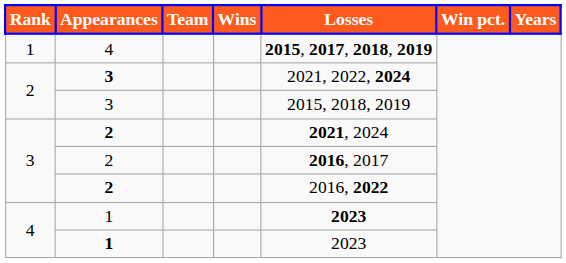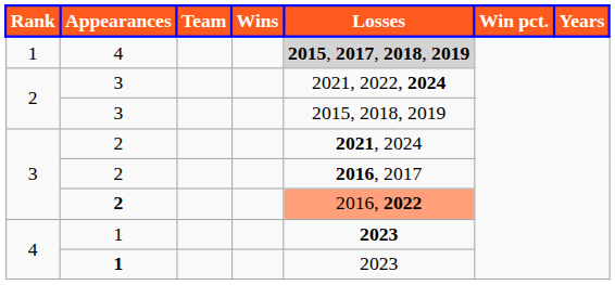 <table class="wikitable sortable" style="text-align:center;">
 <tr>
 <th style="background:#FE5A1D; color:white; border: 2px solid blue;">Rank</th>
 <th style="background:#FE5A1D; color:white; border: 2px solid blue;">Appearances</th>
 <th style="background:#FE5A1D; color:white; border: 2px solid blue;">Team</th>
 <th style="background:#FE5A1D; color:white; border: 2px solid blue;">Wins</th>
 <th style="background:#FE5A1D; color:white; border: 2px solid blue;">Losses</th>
 <th style="background:#FE5A1D; color:white; border: 2px solid blue;">Win pct.</th>
 <th style="background:#FE5A1D; color:white; border: 2px solid blue;">Years</th>
 </tr>
 <tr>
 <td>1</td>
 <td>4</td>
 <td style=><a href='#'></a></td>
 <td></td>
-<td><strong>2015</strong>, <strong>2017</strong>, <strong>2018</strong>, <strong>2019</strong></td>
+<td style="background: lightgrey;"><strong>2015</strong>, <strong>2017</strong>, <strong>2018</strong>, <strong>2019</strong></td>
 </tr>
 <tr>
 <td rowspan=2>2</td>
-<td><strong>3</strong></td>
+<td>3</td>
 <td style=><a href='#'></a></td>
 <td></td>
 <td>2021, 2022, <strong>2024</strong></td>
 </tr>
 <tr>
 <td>3</td>
 <td style=><a href='#'></a></td>
 <td></td>
 <td>2015, 2018, 2019</td>
 </tr>
 <tr>
 <td rowspan=3>3</td>
-<td><strong>2</strong></td>
+<td>2</td>
 <td style=><a href='#'></a></td>
 <td></td>
 <td><strong>2021</strong>, 2024</td>
 </tr>
 <tr>
 <td>2</td>
 <td style=><a href='#'></a></td>
 <td></td>
 <td><strong>2016</strong>, 2017</td>
 </tr>
 <tr>
 <td><strong>2</strong></td>
 <td style=><a href='#'></a></td>
 <td></td>
-<td>2016, <strong>2022</strong></td>
+<td style="background: lightsalmon;">2016, <strong>2022</strong></td>
 </tr>
 <tr>
 <td rowspan=2>4</td>
 <td>1</td>
 <td style=><a href='#'></a></td>
 <td></td>
 <td><strong>2023</strong></td>
 </tr>
 <tr>
 <td><strong>1</strong></td>
 <td style=><a href='#'></a></td>
 <td></td>
 <td>2023</td>
 </tr>
 </table>
